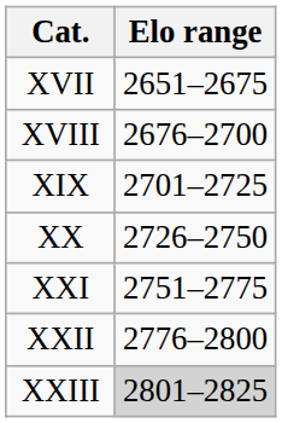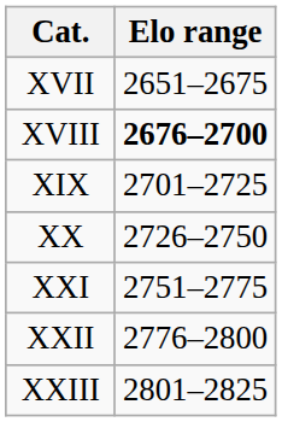 <table class="wikitable" style="display:inline-table;">
 <tr>
 <th>Cat.</th>
 <th>Elo range</th>
 </tr>
 <tr>
 <td style="text-align:center;">XVII</td>
 <td>2651–2675</td>
 </tr>
 <tr>
 <td style="text-align:center;"> XVIII </td>
-<td>2676–2700</td>
+<td><strong>2676–2700</strong></td>
 </tr>
 <tr>
 <td style="text-align:center;">XIX</td>
 <td>2701–2725</td>
 </tr>
 <tr>
 <td style="text-align:center;">XX</td>
 <td>2726–2750</td>
 </tr>
 <tr>
 <td style="text-align:center;">XXI</td>
 <td>2751–2775</td>
 </tr>
 <tr>
 <td style="text-align:center;">XXII</td>
 <td>2776–2800</td>
 </tr>
 <tr>
 <td style="text-align:center;">XXIII</td>
-<td style="background: lightgrey;">2801–2825</td>
+<td>2801–2825</td>
 </tr>
 </table>
